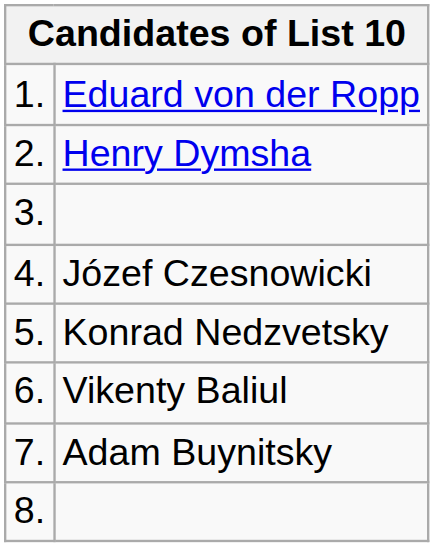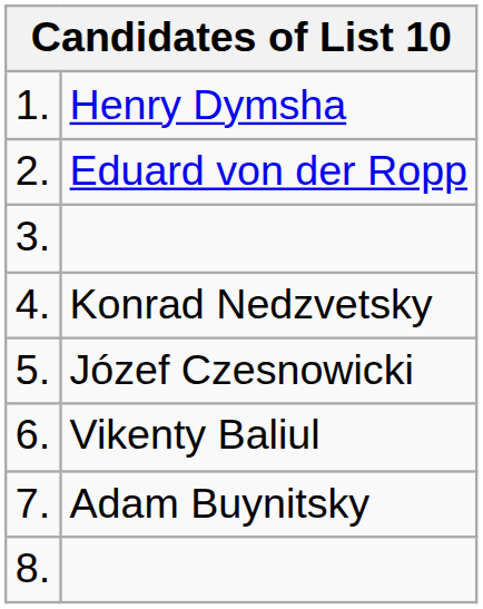 <table class=wikitable>
 <tr>
 <th colspan=3>Candidates of List 10</th>
 </tr>
 <tr>
 <td>1.</td>
-<td><a href='#'>Eduard von der Ropp</a></td>
+<td><a href='#'>Henry Dymsha</a></td>
 </tr>
 <tr>
 <td>2.</td>
-<td><a href='#'>Henry Dymsha</a></td>
+<td><a href='#'>Eduard von der Ropp</a></td>
 </tr>
 <tr>
 <td>3.</td>
 <td></td>
 </tr>
 <tr>
 <td>4.</td>
-<td>Józef Czesnowicki</td>
+<td>Konrad Nedzvetsky</td>
 </tr>
 <tr>
 <td>5.</td>
-<td>Konrad Nedzvetsky</td>
+<td>Józef Czesnowicki</td>
 </tr>
 <tr>
 <td>6.</td>
 <td>Vikenty Baliul</td>
 </tr>
 <tr>
 <td>7.</td>
 <td>Adam Buynitsky</td>
 </tr>
 <tr>
 <td>8.</td>
 <td></td>
 </tr>
 </table>
